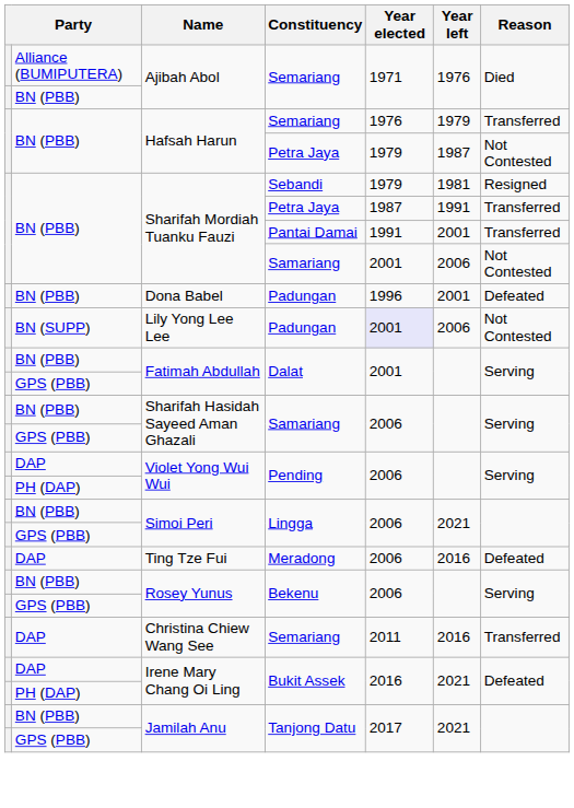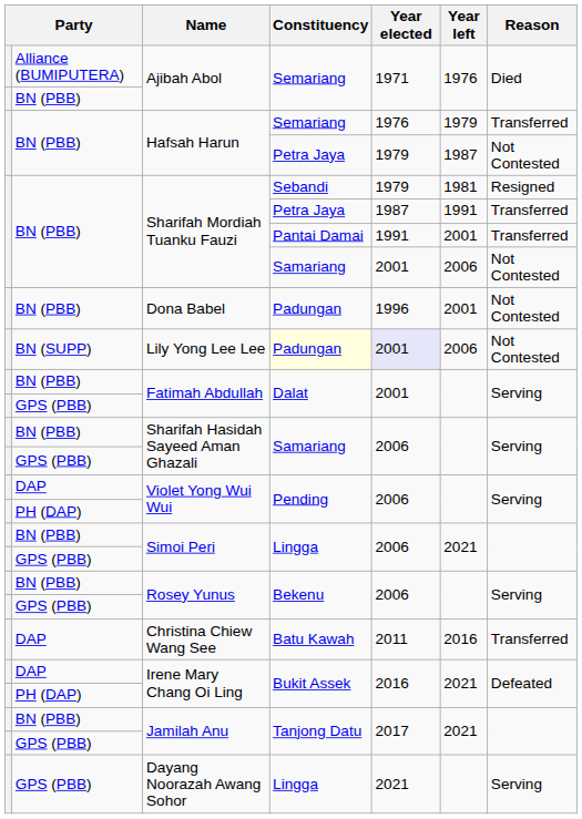 <table class="wikitable sortable">
 <tr>
 <th colspan=2>Party</th>
 <th>Name</th>
 <th>Constituency</th>
 <th>Year elected</th>
 <th>Year left</th>
 <th>Reason</th>
 </tr>
 <tr>
 <th style="background-color: "></th>
 <td><a href='#'>Alliance</a> (<a href='#'>BUMIPUTERA</a>)</td>
 <td rowspan=2>Ajibah Abol</td>
 <td rowspan=2><a href='#'>Semariang</a></td>
 <td rowspan=2>1971</td>
 <td rowspan=2>1976</td>
 <td rowspan=2>Died</td>
 </tr>
 <tr>
 <th style="background-color: "></th>
 <td><a href='#'>BN</a> (<a href='#'>PBB</a>)</td>
 </tr>
 <tr>
 <th rowspan=2 style="background-color: "></th>
 <td rowspan=2><a href='#'>BN</a> (<a href='#'>PBB</a>)</td>
 <td rowspan=2>Hafsah Harun</td>
 <td><a href='#'>Semariang</a></td>
 <td>1976</td>
 <td>1979</td>
 <td>Transferred</td>
 </tr>
 <tr>
 <td><a href='#'>Petra Jaya</a></td>
 <td>1979</td>
 <td>1987</td>
 <td>Not Contested</td>
 </tr>
 <tr>
 <th rowspan=4 style="background-color: "></th>
 <td rowspan=4><a href='#'>BN</a> (<a href='#'>PBB</a>)</td>
 <td rowspan=4>Sharifah Mordiah Tuanku Fauzi</td>
 <td><a href='#'>Sebandi</a></td>
 <td>1979</td>
 <td>1981</td>
 <td>Resigned</td>
 </tr>
 <tr>
 <td><a href='#'>Petra Jaya</a></td>
 <td>1987</td>
 <td>1991</td>
 <td>Transferred</td>
 </tr>
 <tr>
 <td><a href='#'>Pantai Damai</a></td>
 <td>1991</td>
 <td>2001</td>
 <td>Transferred</td>
 </tr>
 <tr>
 <td><a href='#'>Samariang</a></td>
 <td>2001</td>
 <td>2006</td>
 <td>Not Contested</td>
 </tr>
 <tr>
 <th style="background-color: "></th>
 <td><a href='#'>BN</a> (<a href='#'>PBB</a>)</td>
 <td>Dona Babel</td>
 <td><a href='#'>Padungan</a></td>
 <td>1996</td>
 <td>2001</td>
-<td>Defeated</td>
+<td>Not Contested</td>
 </tr>
 <tr>
 <th style="background-color: "></th>
 <td><a href='#'>BN</a> (<a href='#'>SUPP</a>)</td>
 <td>Lily Yong Lee Lee</td>
-<td><a href='#'>Padungan</a></td>
+<td style="background: lightyellow;"><a href='#'>Padungan</a></td>
 <td style="background: lavender;">2001</td>
 <td>2006</td>
 <td>Not Contested</td>
 </tr>
 <tr>
 <th style="background-color: "></th>
 <td><a href='#'>BN</a> (<a href='#'>PBB</a>)</td>
 <td rowspan=2><a href='#'>Fatimah Abdullah</a></td>
 <td rowspan=2><a href='#'>Dalat</a></td>
 <td rowspan=2>2001</td>
 <td rowspan=2></td>
 <td rowspan=2>Serving</td>
 </tr>
 <tr>
 <th style="background-color: "></th>
 <td><a href='#'>GPS</a> (<a href='#'>PBB</a>)</td>
 </tr>
 <tr>
 <th style="background-color: "></th>
 <td><a href='#'>BN</a> (<a href='#'>PBB</a>)</td>
 <td rowspan=2>Sharifah Hasidah Sayeed Aman Ghazali</td>
 <td rowspan=2><a href='#'>Samariang</a></td>
 <td rowspan=2>2006</td>
 <td rowspan=2></td>
 <td rowspan=2>Serving</td>
 </tr>
 <tr>
 <th style="background-color: "></th>
 <td><a href='#'>GPS</a> (<a href='#'>PBB</a>)</td>
 </tr>
 <tr>
 <th style="background-color: "></th>
 <td><a href='#'>DAP</a></td>
 <td rowspan=2><a href='#'>Violet Yong Wui Wui</a></td>
 <td rowspan=2><a href='#'>Pending</a></td>
 <td rowspan=2>2006</td>
 <td rowspan=2></td>
 <td rowspan=2>Serving</td>
 </tr>
 <tr>
 <th style="background-color: "></th>
 <td><a href='#'>PH</a> (<a href='#'>DAP</a>)</td>
 </tr>
 <tr>
 <th style="background-color: "></th>
 <td><a href='#'>BN</a> (<a href='#'>PBB</a>)</td>
 <td rowspan=2><a href='#'>Simoi Peri</a></td>
 <td rowspan=2><a href='#'>Lingga</a></td>
 <td rowspan=2>2006</td>
 <td rowspan=2>2021</td>
 <td rowspan=2></td>
 </tr>
 <tr>
 <th style="background-color: "></th>
 <td><a href='#'>GPS</a> (<a href='#'>PBB</a>)</td>
 </tr>
 <tr>
 <th style="background-color: "></th>
-<td><a href='#'>DAP</a></td>
-<td>Ting Tze Fui</td>
-<td><a href='#'>Meradong</a></td>
-<td>2006</td>
-<td>2016</td>
-<td>Defeated</td>
-</tr>
-<tr>
-<th style="background-color: "></th>
 <td><a href='#'>BN</a> (<a href='#'>PBB</a>)</td>
 <td rowspan=2><a href='#'>Rosey Yunus</a></td>
 <td rowspan=2><a href='#'>Bekenu</a></td>
 <td rowspan=2>2006</td>
 <td rowspan=2></td>
 <td rowspan=2>Serving</td>
 </tr>
 <tr>
 <th style="background-color: "></th>
 <td><a href='#'>GPS</a> (<a href='#'>PBB</a>)</td>
 </tr>
 <tr>
 <th style="background-color: "></th>
 <td><a href='#'>DAP</a></td>
 <td>Christina Chiew Wang See</td>
-<td><a href='#'>Semariang</a></td>
+<td><a href='#'>Batu Kawah</a></td>
 <td>2011</td>
 <td>2016</td>
 <td>Transferred</td>
 </tr>
 <tr>
 <th style="background-color: "></th>
 <td><a href='#'>DAP</a></td>
 <td rowspan=2>Irene Mary Chang Oi Ling</td>
 <td rowspan=2><a href='#'>Bukit Assek</a></td>
 <td rowspan=2>2016</td>
 <td rowspan=2>2021</td>
 <td rowspan=2>Defeated</td>
 </tr>
 <tr>
 <th style="background-color: "></th>
 <td><a href='#'>PH</a> (<a href='#'>DAP</a>)</td>
 </tr>
 <tr>
 <th style="background-color: "></th>
 <td><a href='#'>BN</a> (<a href='#'>PBB</a>)</td>
 <td rowspan=2><a href='#'>Jamilah Anu</a></td>
 <td rowspan=2><a href='#'>Tanjong Datu</a></td>
 <td rowspan=2>2017</td>
 <td rowspan=2>2021</td>
 <td rowspan=2></td>
 </tr>
 <tr>
 <th style="background-color: "></th>
 <td><a href='#'>GPS</a> (<a href='#'>PBB</a>)</td>
 </tr>
+<tr>
+<th style="background-color: "></th>
+<td><a href='#'>GPS</a> (<a href='#'>PBB</a>)</td>
+<td>Dayang Noorazah Awang Sohor</td>
+<td><a href='#'>Lingga</a></td>
+<td>2021</td>
+<td></td>
+<td>Serving</td>
+</tr>
 </table>
